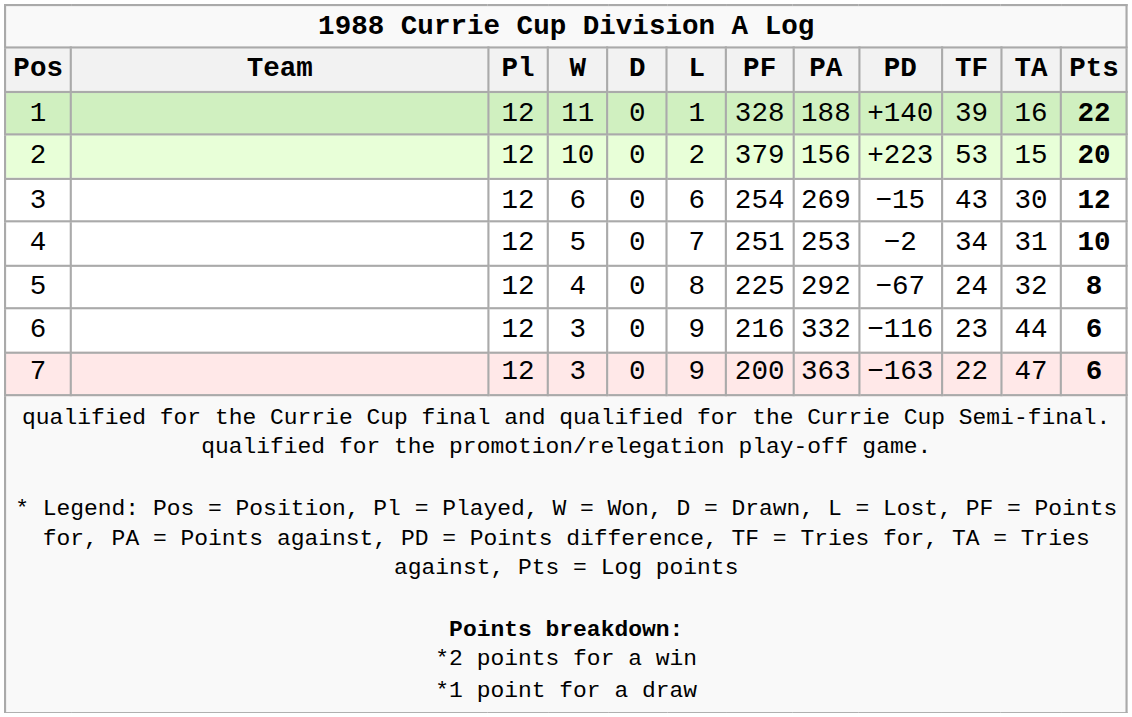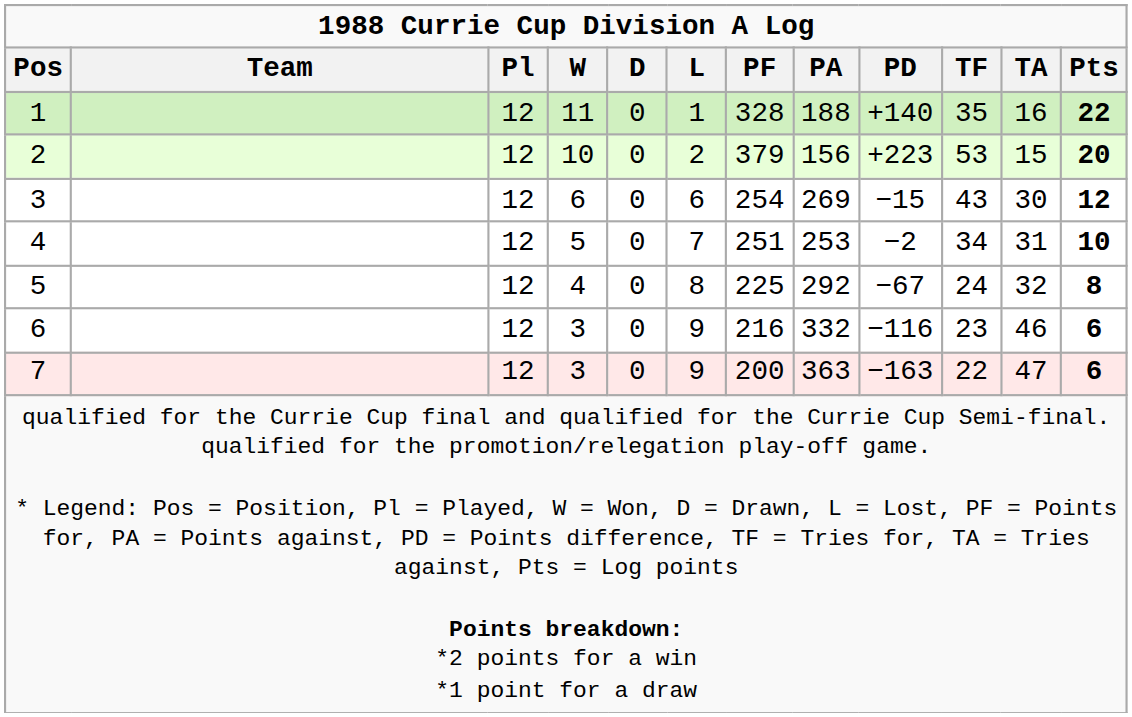 <table class="wikitable" style="text-align:center; line-height:110%; font-size:100%; width:60%;">
 <tr>
 <td colspan="12" cellpadding="0" cellspacing="0"><strong>1988 Currie Cup Division A Log</strong></td>
 </tr>
 <tr>
 <th style="width:5%;">Pos</th>
 <th style="width:35%;">Team</th>
 <th style="width:5%;">Pl</th>
 <th style="width:5%;">W</th>
 <th style="width:5%;">D</th>
 <th style="width:5%;">L</th>
 <th style="width:5%;">PF</th>
 <th style="width:5%;">PA</th>
 <th style="width:5%;">PD</th>
 <th style="width:5%;">TF</th>
 <th style="width:5%;">TA</th>
 <th style="width:5%;">Pts<br></th>
 </tr>
 <tr bgcolor=#D0F0C0 align=center>
 <td>1</td>
 <td align=left></td>
 <td>12</td>
 <td>11</td>
 <td>0</td>
 <td>1</td>
 <td>328</td>
 <td>188</td>
 <td>+140</td>
-<td>39</td>
+<td>35</td>
 <td>16</td>
 <td><strong>22</strong></td>
 </tr>
 <tr bgcolor=#E8FFD8 align=center>
 <td>2</td>
 <td align=left></td>
 <td>12</td>
 <td>10</td>
 <td>0</td>
 <td>2</td>
 <td>379</td>
 <td>156</td>
 <td>+223</td>
 <td>53</td>
 <td>15</td>
 <td><strong>20</strong></td>
 </tr>
 <tr bgcolor=#FFFFFF align=center>
 <td>3</td>
 <td align=left></td>
 <td>12</td>
 <td>6</td>
 <td>0</td>
 <td>6</td>
 <td>254</td>
 <td>269</td>
 <td>−15</td>
 <td>43</td>
 <td>30</td>
 <td><strong>12</strong></td>
 </tr>
 <tr bgcolor=#FFFFFF align=center>
 <td>4</td>
 <td align=left></td>
 <td>12</td>
 <td>5</td>
 <td>0</td>
 <td>7</td>
 <td>251</td>
 <td>253</td>
 <td>−2</td>
 <td>34</td>
 <td>31</td>
 <td><strong>10</strong></td>
 </tr>
 <tr bgcolor=#FFFFFF align=center>
 <td>5</td>
 <td align=left></td>
 <td>12</td>
 <td>4</td>
 <td>0</td>
 <td>8</td>
 <td>225</td>
 <td>292</td>
 <td>−67</td>
 <td>24</td>
 <td>32</td>
 <td><strong>8</strong></td>
 </tr>
 <tr bgcolor=#FFFFFF align=center>
 <td>6</td>
 <td align=left></td>
 <td>12</td>
 <td>3</td>
 <td>0</td>
 <td>9</td>
 <td>216</td>
 <td>332</td>
 <td>−116</td>
 <td>23</td>
-<td>44</td>
+<td>46</td>
 <td><strong>6</strong></td>
 </tr>
 <tr bgcolor=#FFE8E8 align=center>
 <td>7</td>
 <td align=left></td>
 <td>12</td>
 <td>3</td>
 <td>0</td>
 <td>9</td>
 <td>200</td>
 <td>363</td>
 <td>−163</td>
 <td>22</td>
 <td>47</td>
 <td><strong>6</strong></td>
 </tr>
 <tr>
 <td colspan="12" style="border:0px"><small> qualified for the Currie Cup final and  qualified for the Currie Cup Semi-final.<br> qualified for the promotion/relegation play-off game.<br><br>* Legend: Pos = Position, Pl = Played, W = Won, D = Drawn, L = Lost, PF = Points for, PA = Points against, PD = Points difference, TF = Tries for, TA = Tries against, Pts = Log points<br><br><strong>Points breakdown:</strong><br>*2 points for a win<br>*1 point for a draw</small></td>
 </tr>
 </table>
